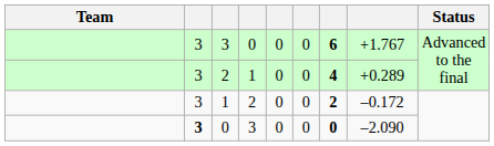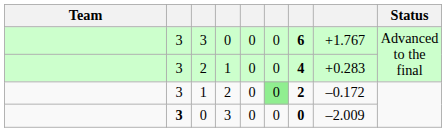 <table class="wikitable" style="text-align:center">
 <tr>
 <th style="width:175px;">Team</th>
 <th style="width:20px;"></th>
 <th style="width:20px;"></th>
 <th style="width:20px;"></th>
 <th style="width:20px;"></th>
 <th style="width:20px;"></th>
 <th style="width:20px;"></th>
 <th style="width:65px;"></th>
 <th style="width:65px;">Status</th>
 </tr>
 <tr style="background:#cfc;">
 <td style="text-align:left"></td>
 <td>3</td>
 <td>3</td>
 <td>0</td>
 <td>0</td>
 <td>0</td>
 <td><strong>6</strong></td>
 <td>+1.767</td>
 <td rowspan="2">Advanced to the final</td>
 </tr>
 <tr style="background:#cfc;">
 <td style="text-align:left"></td>
 <td>3</td>
 <td>2</td>
 <td>1</td>
 <td>0</td>
 <td>0</td>
 <td><strong>4</strong></td>
-<td>+0.289</td>
+<td>+0.283</td>
 </tr>
 <tr>
 <td style="text-align:left"></td>
 <td>3</td>
 <td>1</td>
 <td>2</td>
 <td>0</td>
-<td>0</td>
+<td style="background: lightgreen;">0</td>
 <td><strong>2</strong></td>
 <td>–0.172</td>
 <td rowspan="2"></td>
 </tr>
 <tr>
 <td style="text-align:left"></td>
 <td><strong>3</strong></td>
 <td>0</td>
 <td>3</td>
 <td>0</td>
 <td>0</td>
 <td><strong>0</strong></td>
-<td>–2.090</td>
+<td>–2.009</td>
 </tr>
 </table>
